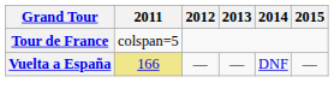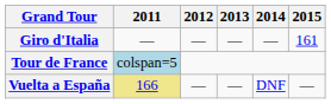 <table class="wikitable plainrowheaders">
 <tr>
 <th scope="col"><a href='#'>Grand Tour</a></th>
 <th scope="col">2011</th>
 <th scope="col">2012</th>
 <th scope="col">2013</th>
 <th scope="col">2014</th>
 <th scope="col">2015</th>
 </tr>
 <tr style="text-align:center;">
+<th scope="row"> <a href='#'>Giro d'Italia</a></th>
+<td>—</td>
+<td>—</td>
+<td>—</td>
+<td>—</td>
+<td><a href='#'>161</a></td>
+</tr>
+<tr style="text-align:center;">
 <th scope="row"> <a href='#'>Tour de France</a></th>
-<td>colspan=5 </td>
+<td style="background: lightblue;">colspan=5 </td>
 </tr>
 <tr style="text-align:center;">
 <th scope="row"> <a href='#'>Vuelta a España</a></th>
 <td style="background: khaki;"><a href='#'>166</a></td>
 <td>—</td>
 <td>—</td>
 <td><a href='#'>DNF</a></td>
 <td>—</td>
 </tr>
 </table>
